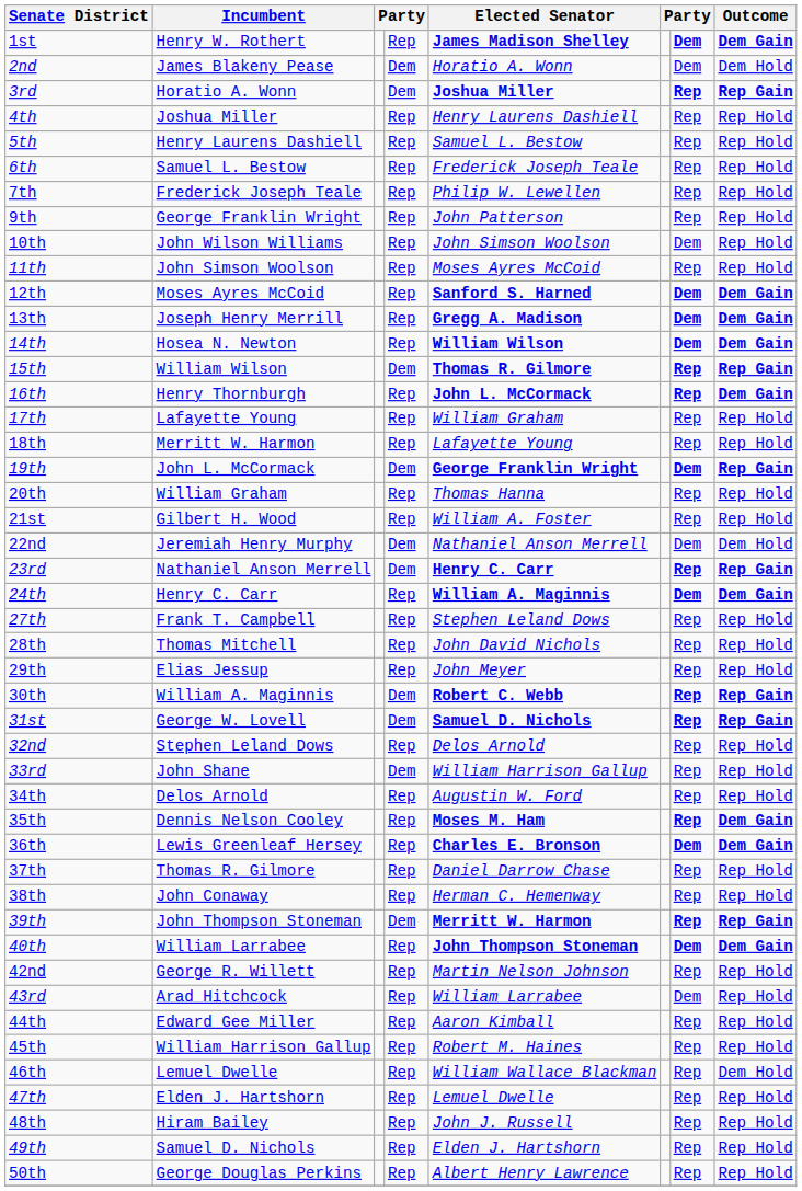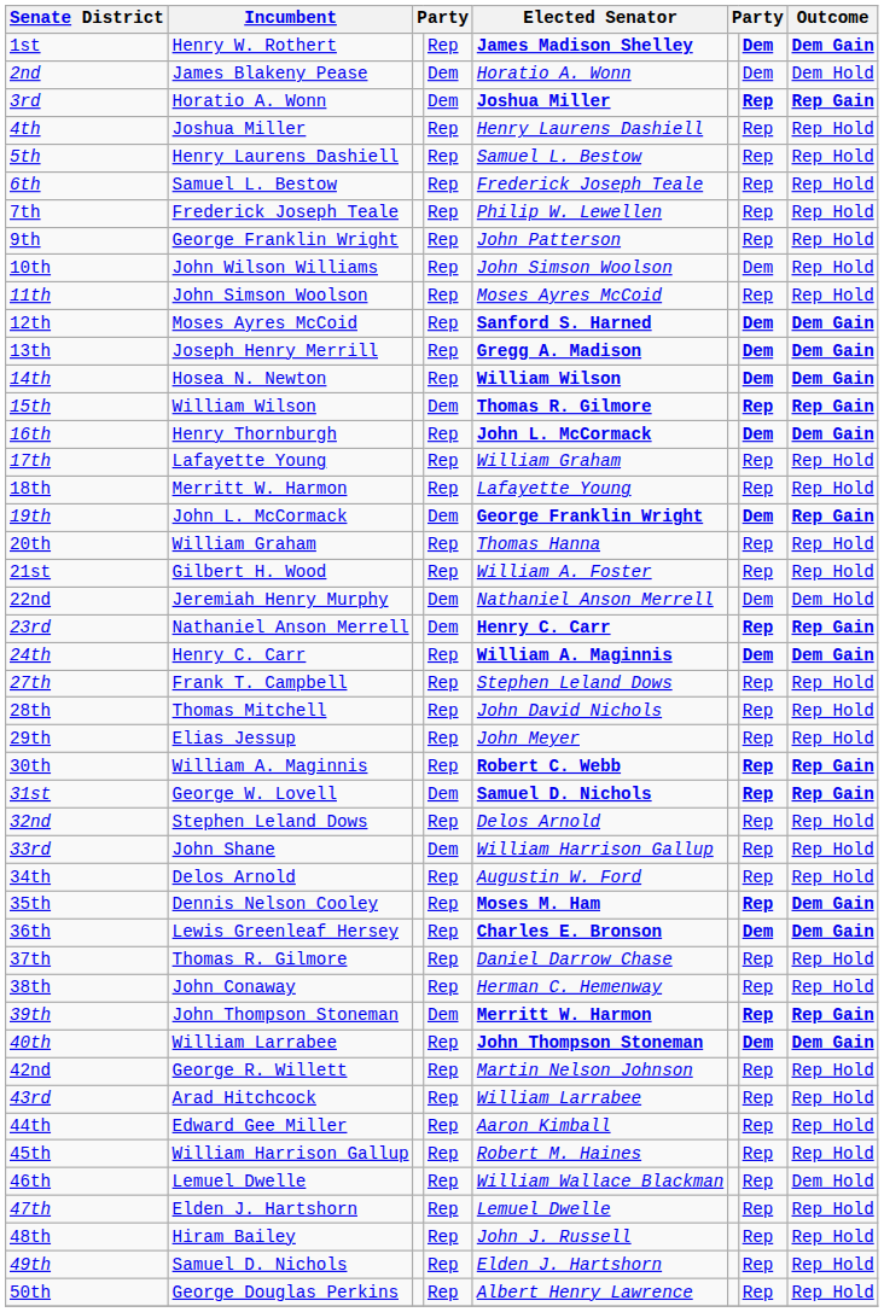 <table class="sortable wikitable" style="font-size:95%;line-height:14px;">
 <tr>
 <th class="sortable"><a href='#'>Senate</a> District</th>
 <th class="sortable"><a href='#'>Incumbent</a></th>
 <th colspan="2">Party</th>
 <th class="sortable">Elected Senator</th>
 <th colspan="2">Party</th>
 <th class="sortable">Outcome</th>
 </tr>
 <tr>
 <td><a href='#'>1st</a></td>
 <td><a href='#'>Henry W. Rothert</a></td>
 <td style="background:"></td>
 <td><a href='#'>Rep</a></td>
 <td><strong><a href='#'>James Madison Shelley</a></strong></td>
 <td style="background:"></td>
 <td><strong><a href='#'>Dem</a></strong></td>
 <td><strong><a href='#'>Dem Gain</a></strong></td>
 </tr>
 <tr>
 <td><em><a href='#'>2nd</a></em></td>
 <td><a href='#'>James Blakeny Pease</a></td>
 <td style="background:"></td>
 <td><a href='#'>Dem</a></td>
 <td><em><a href='#'>Horatio A. Wonn</a></em></td>
 <td style="background:"></td>
 <td><a href='#'>Dem</a></td>
 <td><a href='#'>Dem Hold</a></td>
 </tr>
 <tr>
 <td><em><a href='#'>3rd</a></em></td>
 <td><a href='#'>Horatio A. Wonn</a></td>
 <td style="background:"></td>
 <td><a href='#'>Dem</a></td>
 <td><strong><a href='#'>Joshua Miller</a></strong></td>
 <td style="background:"></td>
 <td><strong><a href='#'>Rep</a></strong></td>
 <td><strong><a href='#'>Rep Gain</a></strong></td>
 </tr>
 <tr>
 <td><em><a href='#'>4th</a></em></td>
 <td><a href='#'>Joshua Miller</a></td>
 <td style="background:"></td>
 <td><a href='#'>Rep</a></td>
 <td><em><a href='#'>Henry Laurens Dashiell</a></em></td>
 <td style="background:"></td>
 <td><a href='#'>Rep</a></td>
 <td><a href='#'>Rep Hold</a></td>
 </tr>
 <tr>
 <td><em><a href='#'>5th</a></em></td>
 <td><a href='#'>Henry Laurens Dashiell</a></td>
 <td style="background:"></td>
 <td><a href='#'>Rep</a></td>
 <td><em><a href='#'>Samuel L. Bestow</a></em></td>
 <td style="background:"></td>
 <td><a href='#'>Rep</a></td>
 <td><a href='#'>Rep Hold</a></td>
 </tr>
 <tr>
 <td><em><a href='#'>6th</a></em></td>
 <td><a href='#'>Samuel L. Bestow</a></td>
 <td style="background:"></td>
 <td><a href='#'>Rep</a></td>
 <td><em><a href='#'>Frederick Joseph Teale</a></em></td>
 <td style="background:"></td>
 <td><a href='#'>Rep</a></td>
 <td><a href='#'>Rep Hold</a></td>
 </tr>
 <tr>
 <td><a href='#'>7th</a></td>
 <td><a href='#'>Frederick Joseph Teale</a></td>
 <td style="background:"></td>
 <td><a href='#'>Rep</a></td>
 <td><em><a href='#'>Philip W. Lewellen</a></em></td>
 <td style="background:"></td>
 <td><a href='#'>Rep</a></td>
 <td><a href='#'>Rep Hold</a></td>
 </tr>
 <tr>
 <td><a href='#'>9th</a></td>
 <td><a href='#'>George Franklin Wright</a></td>
 <td style="background:"></td>
 <td><a href='#'>Rep</a></td>
 <td><em><a href='#'>John Patterson</a></em></td>
 <td style="background:"></td>
 <td><a href='#'>Rep</a></td>
 <td><a href='#'>Rep Hold</a></td>
 </tr>
 <tr>
 <td><a href='#'>10th</a></td>
 <td><a href='#'>John Wilson Williams</a></td>
 <td style="background:"></td>
 <td><a href='#'>Rep</a></td>
 <td><em><a href='#'>John Simson Woolson</a></em></td>
 <td style="background:"></td>
 <td><a href='#'>Dem</a></td>
 <td><a href='#'>Rep Hold</a></td>
 </tr>
 <tr>
 <td><em><a href='#'>11th</a></em></td>
 <td><a href='#'>John Simson Woolson</a></td>
 <td style="background:"></td>
 <td><a href='#'>Rep</a></td>
 <td><em><a href='#'>Moses Ayres McCoid</a></em></td>
 <td style="background:"></td>
 <td><a href='#'>Rep</a></td>
 <td><a href='#'>Rep Hold</a></td>
 </tr>
 <tr>
 <td><a href='#'>12th</a></td>
 <td><a href='#'>Moses Ayres McCoid</a></td>
 <td style="background:"></td>
 <td><a href='#'>Rep</a></td>
 <td><strong><a href='#'>Sanford S. Harned</a></strong></td>
 <td style="background:"></td>
 <td><strong><a href='#'>Dem</a></strong></td>
 <td><strong><a href='#'>Dem Gain</a></strong></td>
 </tr>
 <tr>
 <td><a href='#'>13th</a></td>
 <td><a href='#'>Joseph Henry Merrill</a></td>
 <td style="background:"></td>
 <td><a href='#'>Rep</a></td>
 <td><strong><a href='#'>Gregg A. Madison</a></strong></td>
 <td style="background:"></td>
 <td><strong><a href='#'>Dem</a></strong></td>
 <td><strong><a href='#'>Dem Gain</a></strong></td>
 </tr>
 <tr>
 <td><em><a href='#'>14th</a></em></td>
 <td><a href='#'>Hosea N. Newton</a></td>
 <td style="background:"></td>
 <td><a href='#'>Rep</a></td>
 <td><strong><a href='#'>William Wilson</a></strong></td>
 <td style="background:"></td>
 <td><strong><a href='#'>Dem</a></strong></td>
 <td><strong><a href='#'>Dem Gain</a></strong></td>
 </tr>
 <tr>
 <td><em><a href='#'>15th</a></em></td>
 <td><a href='#'>William Wilson</a></td>
 <td style="background:"></td>
 <td><a href='#'>Dem</a></td>
 <td><strong><a href='#'>Thomas R. Gilmore</a></strong></td>
 <td style="background:"></td>
 <td><strong><a href='#'>Rep</a></strong></td>
 <td><strong><a href='#'>Rep Gain</a></strong></td>
 </tr>
 <tr>
 <td><em><a href='#'>16th</a></em></td>
 <td><a href='#'>Henry Thornburgh</a></td>
 <td style="background:"></td>
 <td><a href='#'>Rep</a></td>
 <td><strong><a href='#'>John L. McCormack</a></strong></td>
 <td style="background:"></td>
-<td><strong><a href='#'>Rep</a></strong></td>
+<td><strong><a href='#'>Dem</a></strong></td>
 <td><strong><a href='#'>Dem Gain</a></strong></td>
 </tr>
 <tr>
 <td><em><a href='#'>17th</a></em></td>
 <td><a href='#'>Lafayette Young</a></td>
 <td style="background:"></td>
 <td><a href='#'>Rep</a></td>
 <td><em><a href='#'>William Graham</a></em></td>
 <td style="background:"></td>
 <td><a href='#'>Rep</a></td>
 <td><a href='#'>Rep Hold</a></td>
 </tr>
 <tr>
 <td><a href='#'>18th</a></td>
 <td><a href='#'>Merritt W. Harmon</a></td>
 <td style="background:"></td>
 <td><a href='#'>Rep</a></td>
 <td><em><a href='#'>Lafayette Young</a></em></td>
 <td style="background:"></td>
 <td><a href='#'>Rep</a></td>
 <td><a href='#'>Rep Hold</a></td>
 </tr>
 <tr>
 <td><em><a href='#'>19th</a></em></td>
 <td><a href='#'>John L. McCormack</a></td>
 <td style="background:"></td>
 <td><a href='#'>Dem</a></td>
 <td><strong><a href='#'>George Franklin Wright</a></strong></td>
 <td style="background:"></td>
 <td><strong><a href='#'>Dem</a></strong></td>
 <td><strong><a href='#'>Rep Gain</a></strong></td>
 </tr>
 <tr>
 <td><a href='#'>20th</a></td>
 <td><a href='#'>William Graham</a></td>
 <td style="background:"></td>
 <td><a href='#'>Rep</a></td>
 <td><em><a href='#'>Thomas Hanna</a></em></td>
 <td style="background:"></td>
 <td><a href='#'>Rep</a></td>
 <td><a href='#'>Rep Hold</a></td>
 </tr>
 <tr>
 <td><a href='#'>21st</a></td>
 <td><a href='#'>Gilbert H. Wood</a></td>
 <td style="background:"></td>
 <td><a href='#'>Rep</a></td>
 <td><em><a href='#'>William A. Foster</a></em></td>
 <td style="background:"></td>
 <td><a href='#'>Rep</a></td>
 <td><a href='#'>Rep Hold</a></td>
 </tr>
 <tr>
 <td><a href='#'>22nd</a></td>
 <td><a href='#'>Jeremiah Henry Murphy</a></td>
 <td style="background:"></td>
 <td><a href='#'>Dem</a></td>
 <td><em><a href='#'>Nathaniel Anson Merrell</a></em></td>
 <td style="background:"></td>
 <td><a href='#'>Dem</a></td>
 <td><a href='#'>Dem Hold</a></td>
 </tr>
 <tr>
 <td><em><a href='#'>23rd</a></em></td>
 <td><a href='#'>Nathaniel Anson Merrell</a></td>
 <td style="background:"></td>
 <td><a href='#'>Dem</a></td>
 <td><strong><a href='#'>Henry C. Carr</a></strong></td>
 <td style="background:"></td>
 <td><strong><a href='#'>Rep</a></strong></td>
 <td><strong><a href='#'>Rep Gain</a></strong></td>
 </tr>
 <tr>
 <td><em><a href='#'>24th</a></em></td>
 <td><a href='#'>Henry C. Carr</a></td>
 <td style="background:"></td>
 <td><a href='#'>Rep</a></td>
 <td><strong><a href='#'>William A. Maginnis</a></strong></td>
 <td style="background:"></td>
 <td><strong><a href='#'>Dem</a></strong></td>
 <td><strong><a href='#'>Dem Gain</a></strong></td>
 </tr>
 <tr>
 <td><em><a href='#'>27th</a></em></td>
 <td><a href='#'>Frank T. Campbell</a></td>
 <td style="background:"></td>
 <td><a href='#'>Rep</a></td>
 <td><em><a href='#'>Stephen Leland Dows</a></em></td>
 <td style="background:"></td>
 <td><a href='#'>Rep</a></td>
 <td><a href='#'>Rep Hold</a></td>
 </tr>
 <tr>
 <td><a href='#'>28th</a></td>
 <td><a href='#'>Thomas Mitchell</a></td>
 <td style="background:"></td>
 <td><a href='#'>Rep</a></td>
 <td><em><a href='#'>John David Nichols</a></em></td>
 <td style="background:"></td>
 <td><a href='#'>Rep</a></td>
 <td><a href='#'>Rep Hold</a></td>
 </tr>
 <tr>
 <td><a href='#'>29th</a></td>
 <td><a href='#'>Elias Jessup</a></td>
 <td style="background:"></td>
 <td><a href='#'>Rep</a></td>
 <td><em><a href='#'>John Meyer</a></em></td>
 <td style="background:"></td>
 <td><a href='#'>Rep</a></td>
 <td><a href='#'>Rep Hold</a></td>
 </tr>
 <tr>
 <td><a href='#'>30th</a></td>
 <td><a href='#'>William A. Maginnis</a></td>
 <td style="background:"></td>
-<td><a href='#'>Dem</a></td>
+<td><a href='#'>Rep</a></td>
 <td><strong><a href='#'>Robert C. Webb</a></strong></td>
 <td style="background:"></td>
 <td><strong><a href='#'>Rep</a></strong></td>
 <td><strong><a href='#'>Rep Gain</a></strong></td>
 </tr>
 <tr>
 <td><em><a href='#'>31st</a></em></td>
 <td><a href='#'>George W. Lovell</a></td>
 <td style="background:"></td>
 <td><a href='#'>Dem</a></td>
 <td><strong><a href='#'>Samuel D. Nichols</a></strong></td>
 <td style="background:"></td>
 <td><strong><a href='#'>Rep</a></strong></td>
 <td><strong><a href='#'>Rep Gain</a></strong></td>
 </tr>
 <tr>
 <td><em><a href='#'>32nd</a></em></td>
 <td><a href='#'>Stephen Leland Dows</a></td>
 <td style="background:"></td>
 <td><a href='#'>Rep</a></td>
 <td><em><a href='#'>Delos Arnold</a></em></td>
 <td style="background:"></td>
 <td><a href='#'>Rep</a></td>
 <td><a href='#'>Rep Hold</a></td>
 </tr>
 <tr>
 <td><em><a href='#'>33rd</a></em></td>
 <td><a href='#'>John Shane</a></td>
 <td style="background:"></td>
 <td><a href='#'>Dem</a></td>
 <td><em><a href='#'>William Harrison Gallup</a></em></td>
 <td style="background:"></td>
 <td><a href='#'>Rep</a></td>
 <td><a href='#'>Rep Hold</a></td>
 </tr>
 <tr>
 <td><a href='#'>34th</a></td>
 <td><a href='#'>Delos Arnold</a></td>
 <td style="background:"></td>
 <td><a href='#'>Rep</a></td>
 <td><em><a href='#'>Augustin W. Ford</a></em></td>
 <td style="background:"></td>
 <td><a href='#'>Rep</a></td>
 <td><a href='#'>Rep Hold</a></td>
 </tr>
 <tr>
 <td><a href='#'>35th</a></td>
 <td><a href='#'>Dennis Nelson Cooley</a></td>
 <td style="background:"></td>
 <td><a href='#'>Rep</a></td>
 <td><strong><a href='#'>Moses M. Ham</a></strong></td>
 <td style="background:"></td>
 <td><strong><a href='#'>Rep</a></strong></td>
 <td><strong><a href='#'>Dem Gain</a></strong></td>
 </tr>
 <tr>
 <td><a href='#'>36th</a></td>
 <td><a href='#'>Lewis Greenleaf Hersey</a></td>
 <td style="background:"></td>
 <td><a href='#'>Rep</a></td>
 <td><strong><a href='#'>Charles E. Bronson</a></strong></td>
 <td style="background:"></td>
 <td><strong><a href='#'>Dem</a></strong></td>
 <td><strong><a href='#'>Dem Gain</a></strong></td>
 </tr>
 <tr>
 <td><a href='#'>37th</a></td>
 <td><a href='#'>Thomas R. Gilmore</a></td>
 <td style="background:"></td>
 <td><a href='#'>Rep</a></td>
 <td><em><a href='#'>Daniel Darrow Chase</a></em></td>
 <td style="background:"></td>
 <td><a href='#'>Rep</a></td>
 <td><a href='#'>Rep Hold</a></td>
 </tr>
 <tr>
 <td><a href='#'>38th</a></td>
 <td><a href='#'>John Conaway</a></td>
 <td style="background:"></td>
 <td><a href='#'>Rep</a></td>
 <td><em><a href='#'>Herman C. Hemenway</a></em></td>
 <td style="background:"></td>
 <td><a href='#'>Rep</a></td>
 <td><a href='#'>Rep Hold</a></td>
 </tr>
 <tr>
 <td><em><a href='#'>39th</a></em></td>
 <td><a href='#'>John Thompson Stoneman</a></td>
 <td style="background:"></td>
 <td><a href='#'>Dem</a></td>
 <td><strong><a href='#'>Merritt W. Harmon</a></strong></td>
 <td style="background:"></td>
 <td><strong><a href='#'>Rep</a></strong></td>
 <td><strong><a href='#'>Rep Gain</a></strong></td>
 </tr>
 <tr>
 <td><em><a href='#'>40th</a></em></td>
 <td><a href='#'>William Larrabee</a></td>
 <td style="background:"></td>
 <td><a href='#'>Rep</a></td>
 <td><strong><a href='#'>John Thompson Stoneman</a></strong></td>
 <td style="background:"></td>
 <td><strong><a href='#'>Dem</a></strong></td>
 <td><strong><a href='#'>Dem Gain</a></strong></td>
 </tr>
 <tr>
 <td><a href='#'>42nd</a></td>
 <td><a href='#'>George R. Willett</a></td>
 <td style="background:"></td>
 <td><a href='#'>Rep</a></td>
 <td><em><a href='#'>Martin Nelson Johnson</a></em></td>
 <td style="background:"></td>
 <td><a href='#'>Rep</a></td>
 <td><a href='#'>Rep Hold</a></td>
 </tr>
 <tr>
 <td><em><a href='#'>43rd</a></em></td>
 <td><a href='#'>Arad Hitchcock</a></td>
 <td style="background:"></td>
 <td><a href='#'>Rep</a></td>
 <td><em><a href='#'>William Larrabee</a></em></td>
 <td style="background:"></td>
-<td><a href='#'>Dem</a></td>
+<td><a href='#'>Rep</a></td>
 <td><a href='#'>Rep Hold</a></td>
 </tr>
 <tr>
 <td><a href='#'>44th</a></td>
 <td><a href='#'>Edward Gee Miller</a></td>
 <td style="background:"></td>
 <td><a href='#'>Rep</a></td>
 <td><em><a href='#'>Aaron Kimball</a></em></td>
 <td style="background:"></td>
 <td><a href='#'>Rep</a></td>
 <td><a href='#'>Rep Hold</a></td>
 </tr>
 <tr>
 <td><a href='#'>45th</a></td>
 <td><a href='#'>William Harrison Gallup</a></td>
 <td style="background:"></td>
 <td><a href='#'>Rep</a></td>
 <td><em><a href='#'>Robert M. Haines</a></em></td>
 <td style="background:"></td>
 <td><a href='#'>Rep</a></td>
 <td><a href='#'>Rep Hold</a></td>
 </tr>
 <tr>
 <td><a href='#'>46th</a></td>
 <td><a href='#'>Lemuel Dwelle</a></td>
 <td style="background:"></td>
 <td><a href='#'>Rep</a></td>
 <td><em><a href='#'>William Wallace Blackman</a></em></td>
 <td style="background:"></td>
 <td><a href='#'>Rep</a></td>
 <td><a href='#'>Dem Hold</a></td>
 </tr>
 <tr>
 <td><em><a href='#'>47th</a></em></td>
 <td><a href='#'>Elden J. Hartshorn</a></td>
 <td style="background:"></td>
 <td><a href='#'>Rep</a></td>
 <td><em><a href='#'>Lemuel Dwelle</a></em></td>
 <td style="background:"></td>
 <td><a href='#'>Rep</a></td>
 <td><a href='#'>Rep Hold</a></td>
 </tr>
 <tr>
 <td><a href='#'>48th</a></td>
 <td><a href='#'>Hiram Bailey</a></td>
 <td style="background:"></td>
 <td><a href='#'>Rep</a></td>
 <td><em><a href='#'>John J. Russell</a></em></td>
 <td style="background:"></td>
 <td><a href='#'>Rep</a></td>
 <td><a href='#'>Rep Hold</a></td>
 </tr>
 <tr>
 <td><em><a href='#'>49th</a></em></td>
 <td><a href='#'>Samuel D. Nichols</a></td>
 <td style="background:"></td>
 <td><a href='#'>Rep</a></td>
 <td><em><a href='#'>Elden J. Hartshorn</a></em></td>
 <td style="background:"></td>
 <td><a href='#'>Rep</a></td>
 <td><a href='#'>Rep Hold</a></td>
 </tr>
 <tr>
 <td><a href='#'>50th</a></td>
 <td><a href='#'>George Douglas Perkins</a></td>
 <td style="background:"></td>
 <td><a href='#'>Rep</a></td>
 <td><em><a href='#'>Albert Henry Lawrence</a></em></td>
 <td style="background:"></td>
 <td><a href='#'>Rep</a></td>
 <td><a href='#'>Rep Hold</a></td>
 </tr>
 <tr>
 </tr>
 </table>
